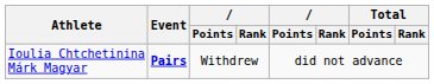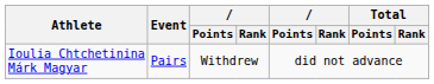 <table class="wikitable" style="font-size:90%; text-align:center">
 <tr>
 <th rowspan=2>Athlete</th>
 <th rowspan=2>Event</th>
 <th colspan=2> / </th>
 <th colspan=2> / </th>
 <th colspan=2>Total</th>
 </tr>
 <tr style=font-size:95%>
 <th>Points</th>
 <th>Rank</th>
 <th>Points</th>
 <th>Rank</th>
 <th>Points</th>
 <th>Rank</th>
 </tr>
 <tr>
 <td align=left><a href='#'>Ioulia Chtchetinina</a><br><a href='#'>Márk Magyar</a></td>
-<td align=left><strong><a href='#'>Pairs</a></strong></td>
+<td align=left><a href='#'>Pairs</a></td>
 <td colspan=2>Withdrew</td>
 <td colspan=4>did not advance</td>
 </tr>
 </table>
